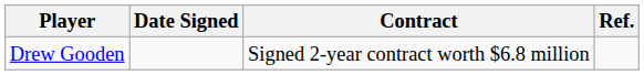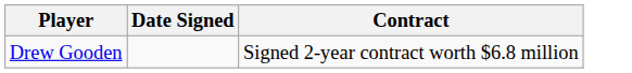 <table class="wikitable sortable sortable">
 <tr>
 <th>Player</th>
 <th>Date Signed</th>
 <th>Contract</th>
-<th>Ref.</th>
 </tr>
 <tr style="text-align: center">
 <td><a href='#'>Drew Gooden</a></td>
 <td></td>
 <td>Signed 2-year contract worth $6.8 million</td>
-<td></td>
 </tr>
 </table>
